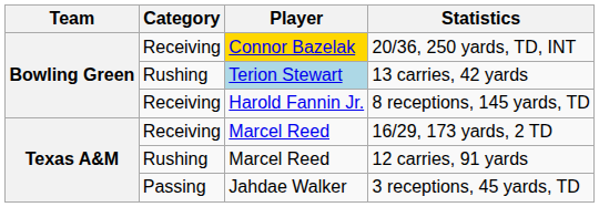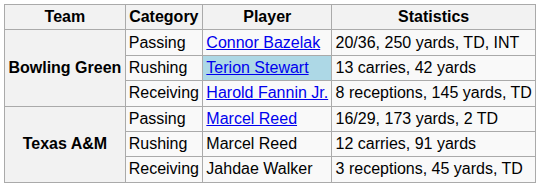 <table class="wikitable" style="float:right">
 <tr>
 <th>Team</th>
 <th>Category</th>
 <th>Player</th>
 <th>Statistics</th>
 </tr>
 <tr>
 <th rowspan=3>Bowling Green</th>
-<td>Receiving</td>
-<td style="background: gold;"><a href='#'>Connor Bazelak</a></td>
+<td>Passing</td>
+<td><a href='#'>Connor Bazelak</a></td>
 <td>20/36, 250 yards, TD, INT</td>
 </tr>
 <tr>
 <td>Rushing</td>
 <td style="background: lightblue;"><a href='#'>Terion Stewart</a></td>
 <td>13 carries, 42 yards</td>
 </tr>
 <tr>
 <td>Receiving</td>
 <td><a href='#'>Harold Fannin Jr.</a></td>
 <td>8 receptions, 145 yards, TD</td>
 </tr>
 <tr>
 <th rowspan=3>Texas A&M</th>
-<td>Receiving</td>
+<td>Passing</td>
 <td><a href='#'>Marcel Reed</a></td>
 <td>16/29, 173 yards, 2 TD</td>
 </tr>
 <tr>
 <td>Rushing</td>
 <td>Marcel Reed</td>
 <td>12 carries, 91 yards</td>
 </tr>
 <tr>
-<td>Passing</td>
+<td>Receiving</td>
 <td>Jahdae Walker</td>
 <td>3 receptions, 45 yards, TD</td>
 </tr>
 </table>
